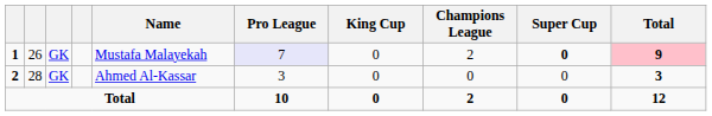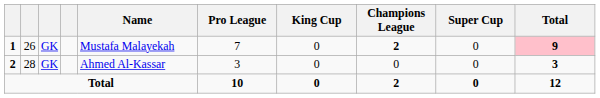 <table class="wikitable" style="text-align:center">
 <tr>
 <th width=15></th>
 <th width=15></th>
 <th width=15></th>
 <th width=15></th>
 <th width=155>Name</th>
 <th width=100>Pro League</th>
 <th width=100>King Cup</th>
 <th width=100>Champions League</th>
 <th width=100>Super Cup</th>
 <th width=100>Total</th>
 </tr>
 <tr>
 <td><strong>1</strong></td>
 <td>26</td>
 <td><a href='#'>GK</a></td>
 <td></td>
 <td align=left><a href='#'>Mustafa Malayekah</a></td>
-<td style="background: lavender;">7</td>
+<td>7</td>
 <td>0</td>
-<td>2</td>
-<td><strong>0</strong></td>
+<td><strong>2</strong></td>
+<td>0</td>
 <td style="background: pink;"><strong>9</strong></td>
 </tr>
 <tr>
 <td><strong>2</strong></td>
 <td>28</td>
 <td><a href='#'>GK</a></td>
 <td></td>
 <td align=left><a href='#'>Ahmed Al-Kassar</a></td>
 <td>3</td>
 <td>0</td>
 <td>0</td>
 <td>0</td>
 <td><strong>3</strong></td>
 </tr>
 <tr>
 <td colspan=5><strong>Total</strong></td>
 <td><strong>10</strong></td>
 <td><strong>0</strong></td>
 <td><strong>2</strong></td>
 <td><strong>0</strong></td>
 <td><strong>12</strong></td>
 </tr>
 </table>
